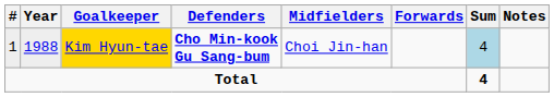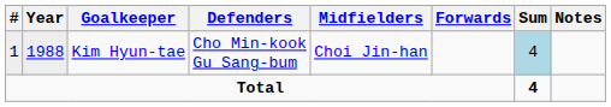 <table class="wikitable" border="1">
 <tr>
 <th>#</th>
 <th>Year</th>
 <th><a href='#'>Goalkeeper</a></th>
 <th><a href='#'>Defenders</a></th>
 <th><a href='#'>Midfielders</a></th>
 <th><a href='#'>Forwards</a></th>
 <th>Sum</th>
 <th>Notes</th>
 </tr>
 <tr>
 <td style="background:#eeeeee">1</td>
 <td style="background:#eeeeee"><a href='#'>1988</a></td>
-<td style="background: gold;"> <a href='#'>Kim Hyun-tae</a></td>
-<td><strong> <a href='#'>Cho Min-kook</a><br> <a href='#'>Gu Sang-bum</a></strong></td>
+<td> <a href='#'>Kim Hyun-tae</a></td>
+<td> <a href='#'>Cho Min-kook</a><br> <a href='#'>Gu Sang-bum</a></td>
 <td> <a href='#'>Choi Jin-han</a></td>
 <td></td>
 <td style="background: lightblue; text-align: center;">4</td>
 <td></td>
 </tr>
 <tr>
 <td colspan="6" style="text-align: center;"><strong>Total</strong></td>
 <td style="text-align: center;"><strong>4</strong></td>
 <td></td>
 </tr>
 </table>
